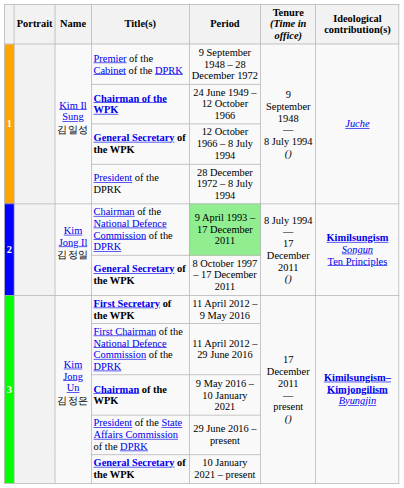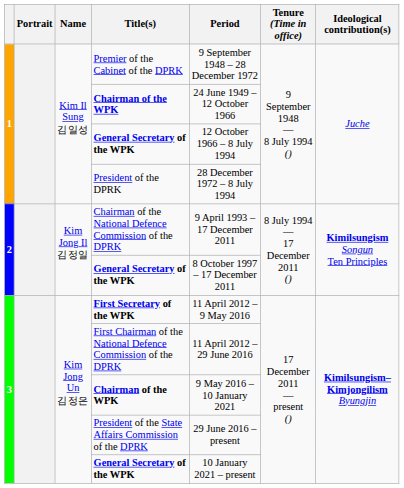 <table class="wikitable" style="text-align:center;">
 <tr>
 <th scope="col"></th>
 <th scope="col">Portrait</th>
 <th scope="col">Name<br></th>
 <th scope="col">Title(s)</th>
 <th scope="col">Period</th>
 <th>Tenure<br><em>(Time in office)</em></th>
 <th scope="col">Ideological contribution(s)</th>
 </tr>
 <tr>
 <th rowspan="4" style="background:#FFA500; color:white;">1</th>
 <th scope="row" rowspan="4"></th>
 <td rowspan="4"><a href='#'>Kim Il Sung</a><br>김일성<br><br></td>
 <td style="text-align:left;"><a href='#'>Premier</a> of the <a href='#'>Cabinet</a> of the <a href='#'>DPRK</a></td>
 <td>9 September 1948 – 28 December 1972</td>
 <td rowspan="4">9 September 1948<br>—<br>8 July 1994<br><em>()</em></td>
 <td rowspan="4"><em><a href='#'>Juche</a></em></td>
 </tr>
 <tr>
 <td style="text-align:left;"><strong><a href='#'>Chairman of the WPK</a></strong></td>
 <td>24 June 1949 – 12 October 1966</td>
 </tr>
 <tr>
 <td style="text-align:left;"><strong><a href='#'>General Secretary</a> of the WPK</strong></td>
 <td>12 October 1966 – 8 July 1994</td>
 </tr>
 <tr>
 <td style="text-align:left;"><a href='#'>President</a> of the DPRK</td>
 <td>28 December 1972 – 8 July 1994</td>
 </tr>
 <tr>
 <th rowspan="2" style="background:#0000FF; color:white;">2</th>
 <th scope="row" rowspan="2"></th>
 <td rowspan="2"><a href='#'>Kim Jong Il</a><br>김정일<br><br></td>
 <td style="text-align:left;"><a href='#'>Chairman</a> of the <a href='#'>National Defence Commission</a> of the <a href='#'>DPRK</a></td>
-<td style="background: lightgreen;">9 April 1993 – 17 December 2011</td>
+<td>9 April 1993 – 17 December 2011</td>
 <td rowspan="2">8 July 1994<br>—<br>17 December 2011<br><em>()</em></td>
 <td rowspan="2"><strong><a href='#'>Kimilsungism</a></strong><br><em><a href='#'>Songun</a></em><br><a href='#'>Ten Principles</a></td>
 </tr>
 <tr>
 <td style="text-align:left;"><strong><a href='#'>General Secretary</a> of the WPK</strong></td>
 <td>8 October 1997 – 17 December 2011</td>
 </tr>
 <tr>
 <th rowspan="5" style="background:#00FF00; color:white;">3</th>
 <th scope="row" rowspan="5"></th>
 <td rowspan="5"><a href='#'>Kim Jong Un</a><br>김정은<br><br></td>
 <td style="text-align:left;"><strong><a href='#'>First Secretary</a> of the WPK</strong></td>
 <td>11 April 2012 – 9 May 2016</td>
 <td rowspan="5">17 December 2011<br>—<br>present<br><em>()</em></td>
 <td rowspan="5"><strong><a href='#'>Kimilsungism–Kimjongilism</a></strong><br><em><a href='#'>Byungjin</a></em></td>
 </tr>
 <tr>
 <td style="text-align:left;"><a href='#'>First Chairman</a> of the <a href='#'>National Defence Commission</a> of the <a href='#'>DPRK</a></td>
 <td>11 April 2012 – 29 June 2016</td>
 </tr>
 <tr>
 <td style="text-align:left;"><strong><a href='#'>Chairman</a> of the WPK</strong></td>
 <td>9 May 2016 – 10 January 2021</td>
 </tr>
 <tr>
 <td style="text-align:left;"><a href='#'>President</a> of the <a href='#'>State Affairs Commission</a> of the <a href='#'>DPRK</a></td>
 <td>29 June 2016  – present</td>
 </tr>
 <tr>
 <td style="text-align:left;"><strong><a href='#'>General Secretary</a> of the WPK</strong></td>
 <td>10 January 2021 – present</td>
 </tr>
 </table>
